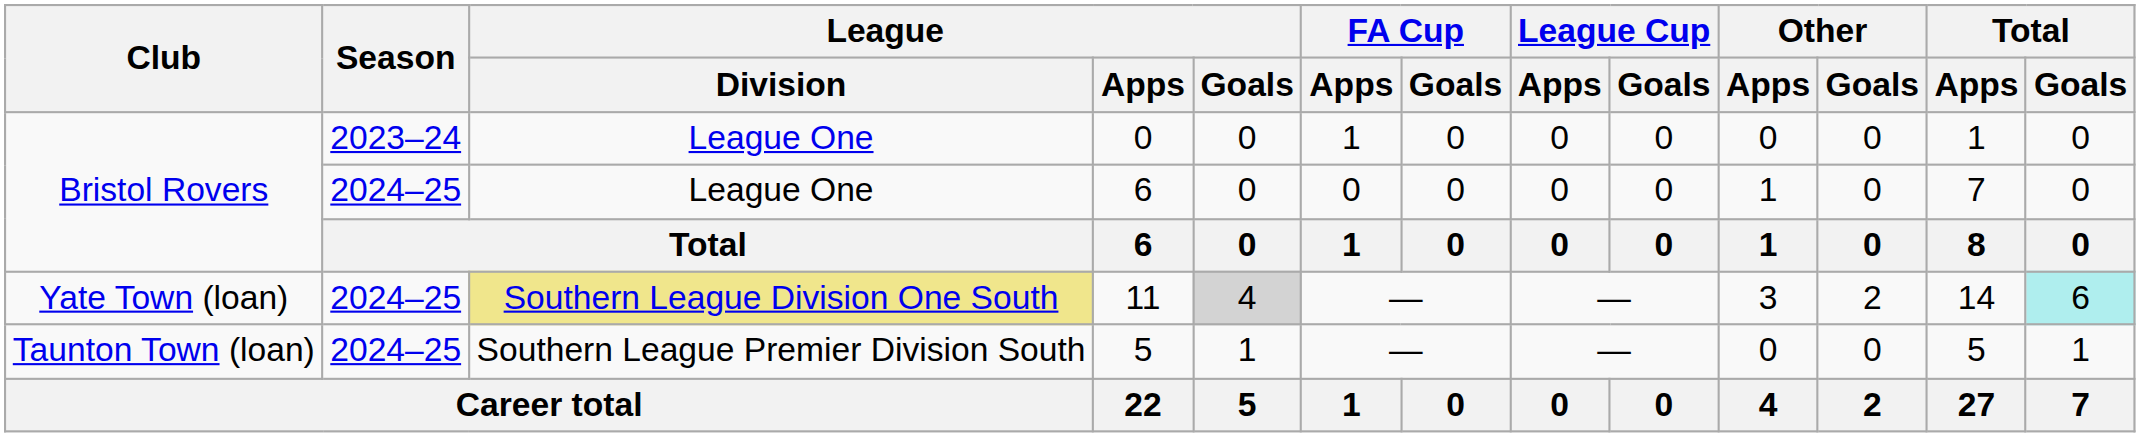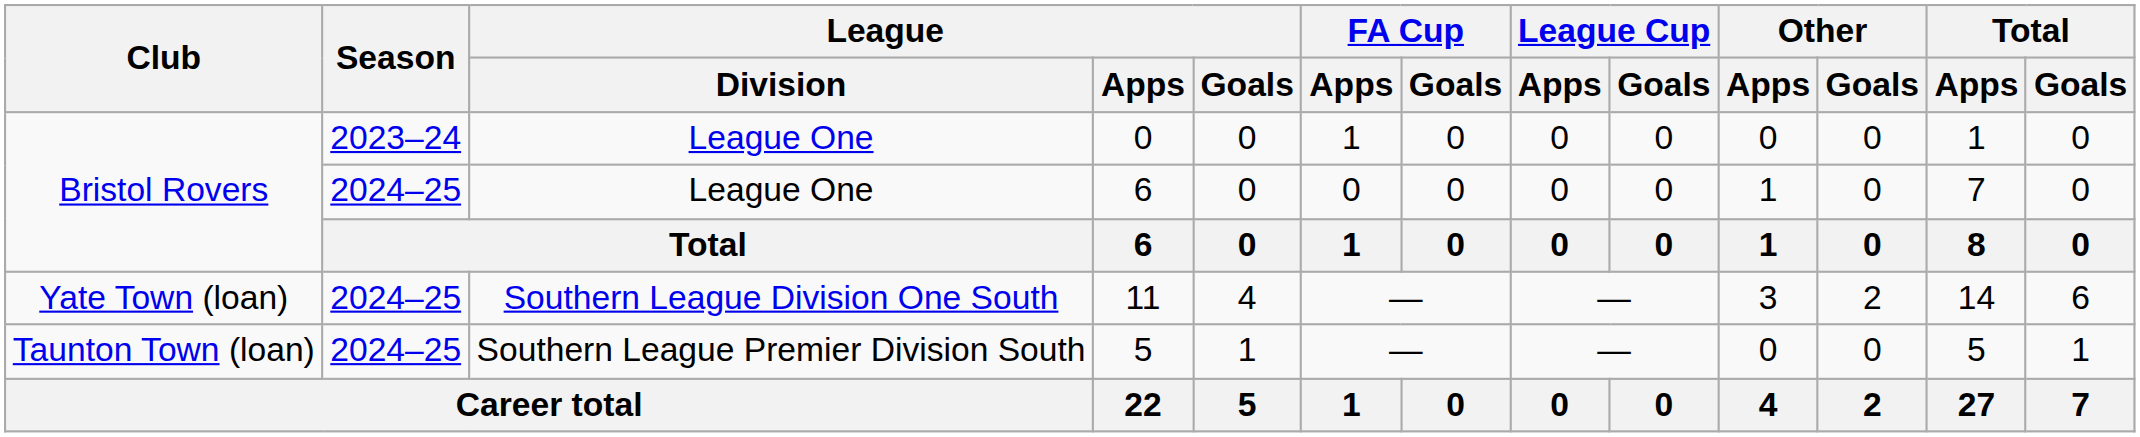 <table class="wikitable" style="text-align: center">
 <tr>
 <th rowspan="2">Club</th>
 <th rowspan="2">Season</th>
 <th colspan="3">League</th>
 <th colspan="2"><a href='#'>FA Cup</a></th>
 <th colspan="2"><a href='#'>League Cup</a></th>
 <th colspan="2">Other</th>
 <th colspan="2">Total</th>
 </tr>
 <tr>
 <th>Division</th>
 <th>Apps</th>
 <th>Goals</th>
 <th>Apps</th>
 <th>Goals</th>
 <th>Apps</th>
 <th>Goals</th>
 <th>Apps</th>
 <th>Goals</th>
 <th>Apps</th>
 <th>Goals</th>
 </tr>
 <tr>
 <td rowspan="3"><a href='#'>Bristol Rovers</a></td>
 <td><a href='#'>2023–24</a></td>
 <td><a href='#'>League One</a></td>
 <td>0</td>
 <td>0</td>
 <td>1</td>
 <td>0</td>
 <td>0</td>
 <td>0</td>
 <td>0</td>
 <td>0</td>
 <td>1</td>
 <td>0</td>
 </tr>
 <tr>
 <td><a href='#'>2024–25</a></td>
 <td>League One</td>
 <td>6</td>
 <td>0</td>
 <td>0</td>
 <td>0</td>
 <td>0</td>
 <td>0</td>
 <td>1</td>
 <td>0</td>
 <td>7</td>
 <td>0</td>
 </tr>
 <tr>
 <th colspan="2">Total</th>
 <th>6</th>
 <th>0</th>
 <th>1</th>
 <th>0</th>
 <th>0</th>
 <th>0</th>
 <th>1</th>
 <th>0</th>
 <th>8</th>
 <th>0</th>
 </tr>
 <tr>
 <td><a href='#'>Yate Town</a> (loan)</td>
 <td><a href='#'>2024–25</a></td>
-<td style="background: khaki;"><a href='#'>Southern League Division One South</a></td>
+<td><a href='#'>Southern League Division One South</a></td>
 <td>11</td>
-<td style="background: lightgrey;">4</td>
+<td>4</td>
 <td colspan="2">—</td>
 <td colspan="2">—</td>
 <td>3</td>
 <td>2</td>
 <td>14</td>
-<td style="background: paleturquoise;">6</td>
+<td>6</td>
 </tr>
 <tr>
 <td><a href='#'>Taunton Town</a> (loan)</td>
 <td><a href='#'>2024–25</a></td>
 <td>Southern League Premier Division South</td>
 <td>5</td>
 <td>1</td>
 <td colspan="2">—</td>
 <td colspan="2">—</td>
 <td>0</td>
 <td>0</td>
 <td>5</td>
 <td>1</td>
 </tr>
 <tr>
 <th colspan="3">Career total</th>
 <th>22</th>
 <th>5</th>
 <th>1</th>
 <th>0</th>
 <th>0</th>
 <th>0</th>
 <th>4</th>
 <th>2</th>
 <th>27</th>
 <th>7</th>
 </tr>
 </table>
